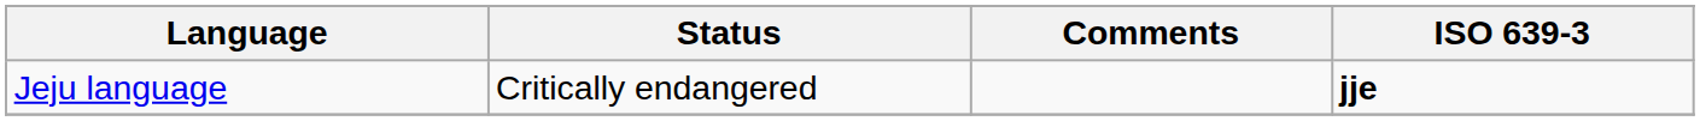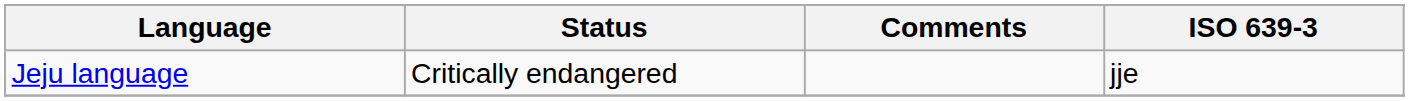 <table class="wikitable" align="center" style="font-size:90%">
 <tr>
 </tr>
 <tr>
 <th width="20%">Language</th>
 <th width="20%">Status</th>
 <th width="15%">Comments</th>
 <th width="15%">ISO 639-3</th>
 </tr>
 <tr>
 <td><a href='#'>Jeju language</a></td>
 <td>Critically endangered</td>
 <td> </td>
-<td><strong>jje</strong></td>
+<td>jje</td>
 </tr>
 <tr>
 </tr>
 </table>
